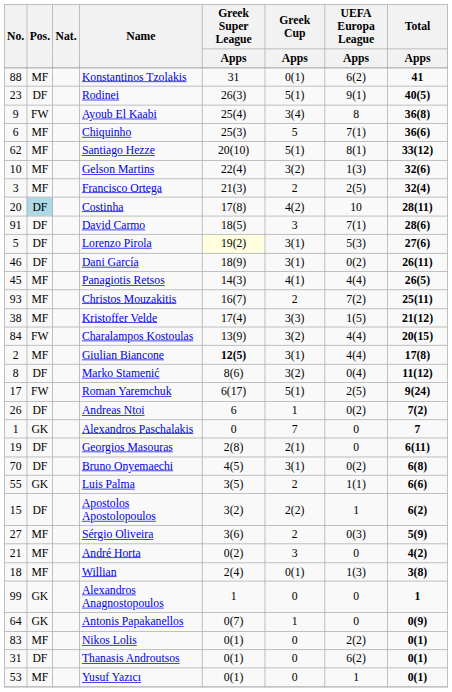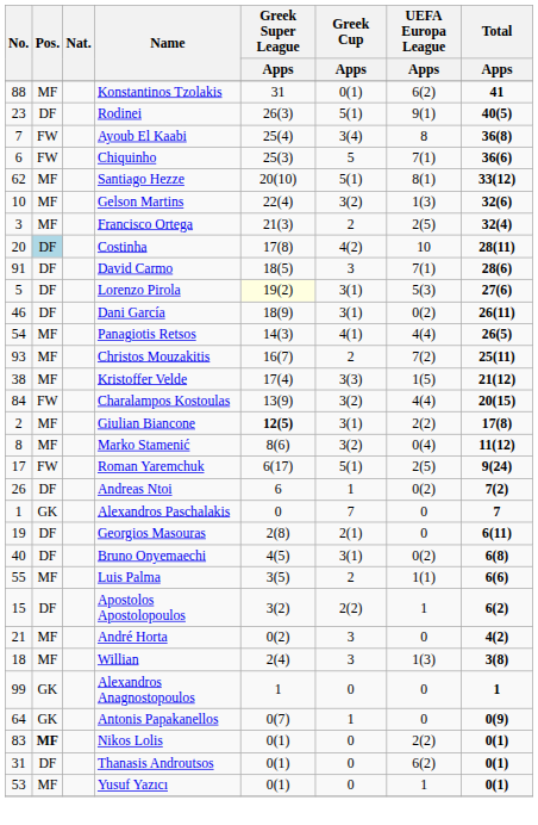 <table class="wikitable sortable" style="text-align:center">
 <tr>
 <th style="text-align:center;" rowspan="2">No.</th>
 <th style="text-align:center;" rowspan="2">Pos.</th>
 <th style="text-align:center;" rowspan="2">Nat.</th>
 <th style="text-align:center; width:200px;" rowspan="2">Name</th>
 <th style="text-align:center; width:100px;">Greek Super League</th>
 <th style="text-align:center; width:100px;">Greek Cup</th>
 <th style="text-align:center; width:100px;">UEFA Europa League</th>
 <th style="text-align:center; width:100px;">Total</th>
 </tr>
 <tr>
 <th style="text-align:center;">Apps</th>
 <th style="text-align:center;">Apps</th>
 <th style="text-align:center;">Apps</th>
 <th style="text-align:center;">Apps</th>
 </tr>
 <tr>
 </tr>
 <tr>
 <td>88</td>
 <td>MF</td>
 <td></td>
 <td align=left><a href='#'>Konstantinos Tzolakis</a></td>
 <td>31</td>
 <td>0(1)</td>
 <td>6(2)</td>
 <td><strong>41</strong></td>
 </tr>
 <tr>
 <td>23</td>
 <td>DF</td>
 <td></td>
 <td align=left><a href='#'>Rodinei</a></td>
 <td>26(3)</td>
 <td>5(1)</td>
 <td>9(1)</td>
 <td><strong>40(5)</strong></td>
 </tr>
 <tr>
-<td>9</td>
+<td>7</td>
 <td>FW</td>
 <td></td>
 <td align=left><a href='#'>Ayoub El Kaabi</a></td>
 <td>25(4)</td>
 <td>3(4)</td>
 <td>8</td>
 <td><strong>36(8)</strong></td>
 </tr>
 <tr>
 <td>6</td>
-<td>MF</td>
+<td>FW</td>
 <td></td>
 <td align=left><a href='#'>Chiquinho</a></td>
 <td>25(3)</td>
 <td>5</td>
 <td>7(1)</td>
 <td><strong>36(6)</strong></td>
 </tr>
 <tr>
 <td>62</td>
 <td>MF</td>
 <td></td>
 <td align=left><a href='#'>Santiago Hezze</a></td>
 <td>20(10)</td>
 <td>5(1)</td>
 <td>8(1)</td>
 <td><strong>33(12)</strong></td>
 </tr>
 <tr>
 <td>10</td>
 <td>MF</td>
 <td></td>
 <td align=left><a href='#'>Gelson Martins</a></td>
 <td>22(4)</td>
 <td>3(2)</td>
 <td>1(3)</td>
 <td><strong>32(6)</strong></td>
 </tr>
 <tr>
 <td>3</td>
 <td>MF</td>
 <td></td>
 <td align=left><a href='#'>Francisco Ortega</a></td>
 <td>21(3)</td>
 <td>2</td>
 <td>2(5)</td>
 <td><strong>32(4)</strong></td>
 </tr>
 <tr>
 <td>20</td>
 <td style="background: lightblue;">DF</td>
 <td></td>
 <td align=left><a href='#'>Costinha</a></td>
 <td>17(8)</td>
 <td>4(2)</td>
 <td>10</td>
 <td><strong>28(11)</strong></td>
 </tr>
 <tr>
 <td>91</td>
 <td>DF</td>
 <td></td>
 <td align=left><a href='#'>David Carmo</a></td>
 <td>18(5)</td>
 <td>3</td>
 <td>7(1)</td>
 <td><strong>28(6)</strong></td>
 </tr>
 <tr>
 <td>5</td>
 <td>DF</td>
 <td></td>
 <td align=left><a href='#'>Lorenzo Pirola</a></td>
 <td style="background: lightyellow;">19(2)</td>
 <td>3(1)</td>
 <td>5(3)</td>
 <td><strong>27(6)</strong></td>
 </tr>
 <tr>
 <td>46</td>
 <td>DF</td>
 <td></td>
 <td align=left><a href='#'>Dani García</a></td>
 <td>18(9)</td>
 <td>3(1)</td>
 <td>0(2)</td>
 <td><strong>26(11)</strong></td>
 </tr>
 <tr>
-<td>45</td>
+<td>54</td>
 <td>MF</td>
 <td></td>
 <td align=left><a href='#'>Panagiotis Retsos</a></td>
 <td>14(3)</td>
 <td>4(1)</td>
 <td>4(4)</td>
 <td><strong>26(5)</strong></td>
 </tr>
 <tr>
 <td>93</td>
 <td>MF</td>
 <td></td>
 <td align=left><a href='#'>Christos Mouzakitis</a></td>
 <td>16(7)</td>
 <td>2</td>
 <td>7(2)</td>
 <td><strong>25(11)</strong></td>
 </tr>
 <tr>
 <td>38</td>
 <td>MF</td>
 <td></td>
 <td align=left><a href='#'>Kristoffer Velde</a></td>
 <td>17(4)</td>
 <td>3(3)</td>
 <td>1(5)</td>
 <td><strong>21(12)</strong></td>
 </tr>
 <tr>
 <td>84</td>
 <td>FW</td>
 <td></td>
 <td align=left><a href='#'>Charalampos Kostoulas</a></td>
 <td>13(9)</td>
 <td>3(2)</td>
 <td>4(4)</td>
 <td><strong>20(15)</strong></td>
 </tr>
 <tr>
 <td>2</td>
 <td>MF</td>
 <td></td>
 <td align=left><a href='#'>Giulian Biancone</a></td>
 <td><strong>12(5)</strong></td>
 <td>3(1)</td>
-<td>4(4)</td>
+<td>2(2)</td>
 <td><strong>17(8)</strong></td>
 </tr>
 <tr>
 <td>8</td>
-<td>DF</td>
+<td>MF</td>
 <td></td>
 <td align=left><a href='#'>Marko Stamenić</a></td>
 <td>8(6)</td>
 <td>3(2)</td>
 <td>0(4)</td>
 <td><strong>11(12)</strong></td>
 </tr>
 <tr>
 <td>17</td>
 <td>FW</td>
 <td></td>
 <td align=left><a href='#'>Roman Yaremchuk</a></td>
 <td>6(17)</td>
 <td>5(1)</td>
 <td>2(5)</td>
 <td><strong>9(24)</strong></td>
 </tr>
 <tr>
 <td>26</td>
 <td>DF</td>
 <td></td>
 <td align=left><a href='#'>Andreas Ntoi</a></td>
 <td>6</td>
 <td>1</td>
 <td>0(2)</td>
 <td><strong>7(2)</strong></td>
 </tr>
 <tr>
 <td>1</td>
 <td>GK</td>
 <td></td>
 <td align=left><a href='#'>Alexandros Paschalakis</a></td>
 <td>0</td>
 <td>7</td>
 <td>0</td>
 <td><strong>7</strong></td>
 </tr>
 <tr>
 <td>19</td>
 <td>DF</td>
 <td></td>
 <td align=left><a href='#'>Georgios Masouras</a></td>
 <td>2(8)</td>
 <td>2(1)</td>
 <td>0</td>
 <td><strong>6(11)</strong></td>
 </tr>
 <tr>
-<td>70</td>
+<td>40</td>
 <td>DF</td>
 <td></td>
 <td align=left><a href='#'>Bruno Onyemaechi</a></td>
 <td>4(5)</td>
 <td>3(1)</td>
 <td>0(2)</td>
 <td><strong>6(8)</strong></td>
 </tr>
 <tr>
 <td>55</td>
-<td>GK</td>
+<td>MF</td>
 <td></td>
 <td align=left><a href='#'>Luis Palma</a></td>
 <td>3(5)</td>
 <td>2</td>
 <td>1(1)</td>
 <td><strong>6(6)</strong></td>
 </tr>
 <tr>
 <td>15</td>
 <td>DF</td>
 <td></td>
 <td align=left><a href='#'>Apostolos Apostolopoulos</a></td>
 <td>3(2)</td>
 <td>2(2)</td>
 <td>1</td>
 <td><strong>6(2)</strong></td>
 </tr>
 <tr>
-<td>27</td>
-<td>MF</td>
-<td></td>
-<td align=left><a href='#'>Sérgio Oliveira</a></td>
-<td>3(6)</td>
-<td>2</td>
-<td>0(3)</td>
-<td><strong>5(9)</strong></td>
-</tr>
-<tr>
 <td>21</td>
 <td>MF</td>
 <td></td>
 <td align=left><a href='#'>André Horta</a></td>
 <td>0(2)</td>
 <td>3</td>
 <td>0</td>
 <td><strong>4(2)</strong></td>
 </tr>
 <tr>
 <td>18</td>
 <td>MF</td>
 <td></td>
 <td align=left><a href='#'>Willian</a></td>
 <td>2(4)</td>
-<td>0(1)</td>
+<td>3</td>
 <td>1(3)</td>
 <td><strong>3(8)</strong></td>
 </tr>
 <tr>
 <td>99</td>
 <td>GK</td>
 <td></td>
 <td align=left><a href='#'>Alexandros Anagnostopoulos</a></td>
 <td>1</td>
 <td>0</td>
 <td>0</td>
 <td><strong>1</strong></td>
 </tr>
 <tr>
 <td>64</td>
 <td>GK</td>
 <td></td>
 <td align=left><a href='#'>Antonis Papakanellos</a></td>
 <td>0(7)</td>
 <td>1</td>
 <td>0</td>
 <td><strong>0(9)</strong></td>
 </tr>
 <tr>
 <td>83</td>
-<td>MF</td>
+<td><strong>MF</strong></td>
 <td></td>
 <td align=left><a href='#'>Nikos Lolis</a></td>
 <td>0(1)</td>
 <td>0</td>
 <td>2(2)</td>
 <td><strong>0(1)</strong></td>
 </tr>
 <tr>
 <td>31</td>
 <td>DF</td>
 <td></td>
 <td align=left><a href='#'>Thanasis Androutsos</a></td>
 <td>0(1)</td>
 <td>0</td>
 <td>6(2)</td>
 <td><strong>0(1)</strong></td>
 </tr>
 <tr>
 <td>53</td>
 <td>MF</td>
 <td></td>
 <td align=left><a href='#'>Yusuf Yazıcı</a></td>
 <td>0(1)</td>
 <td>0</td>
 <td>1</td>
 <td><strong>0(1)</strong></td>
 </tr>
 <tr>
 </tr>
 </table>
